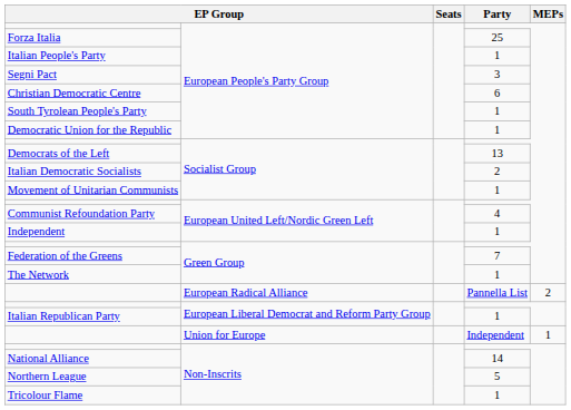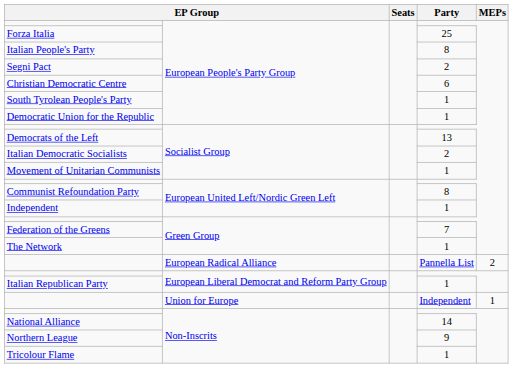 <table class="wikitable">
 <tr>
 <th colspan=2>EP Group</th>
 <th>Seats</th>
 <th>Party</th>
 <th>MEPs</th>
 </tr>
 <tr>
 <td></td>
 <td rowspan="7"><a href='#'>European People's Party Group</a></td>
 <td rowspan="7"></td>
 </tr>
 <tr>
 <td><a href='#'>Forza Italia</a></td>
 <td align=center>25</td>
 </tr>
 <tr>
 <td><a href='#'>Italian People's Party</a></td>
-<td align=center>1</td>
+<td align=center>8</td>
 </tr>
 <tr>
 <td><a href='#'>Segni Pact</a></td>
-<td align=center>3</td>
+<td align=center>2</td>
 </tr>
 <tr>
 <td><a href='#'>Christian Democratic Centre</a></td>
 <td align=center>6</td>
 </tr>
 <tr>
 <td><a href='#'>South Tyrolean People's Party</a></td>
 <td align=center>1</td>
 </tr>
 <tr>
 <td><a href='#'>Democratic Union for the Republic</a></td>
 <td align=center>1</td>
 </tr>
 <tr>
 <td></td>
 <td rowspan="4"><a href='#'>Socialist Group</a></td>
 <td rowspan="4"></td>
 </tr>
 <tr>
 <td><a href='#'>Democrats of the Left</a></td>
 <td align=center>13</td>
 </tr>
 <tr>
 <td><a href='#'>Italian Democratic Socialists</a></td>
 <td align=center>2</td>
 </tr>
 <tr>
 <td><a href='#'>Movement of Unitarian Communists</a></td>
 <td align=center>1</td>
 </tr>
 <tr>
 <td></td>
 <td rowspan="3"><a href='#'>European United Left/Nordic Green Left</a></td>
 <td rowspan="3"></td>
 </tr>
 <tr>
 <td><a href='#'>Communist Refoundation Party</a></td>
-<td align=center>4</td>
+<td align=center>8</td>
 </tr>
 <tr>
 <td><a href='#'>Independent</a></td>
 <td align=center>1</td>
 </tr>
 <tr>
 <td></td>
 <td rowspan="3"><a href='#'>Green Group</a></td>
 <td rowspan="3"></td>
 </tr>
 <tr>
 <td><a href='#'>Federation of the Greens</a></td>
 <td align=center>7</td>
 </tr>
 <tr>
 <td><a href='#'>The Network</a></td>
 <td align=center>1</td>
 </tr>
 <tr>
 <td></td>
 <td><a href='#'>European Radical Alliance</a></td>
 <td></td>
 <td><a href='#'>Pannella List</a></td>
 <td align=center>2</td>
 </tr>
 <tr>
 <td></td>
 <td rowspan="2"><a href='#'>European Liberal Democrat and Reform Party Group</a></td>
 <td rowspan="2"></td>
 </tr>
 <tr>
 <td><a href='#'>Italian Republican Party</a></td>
 <td align=center>1</td>
 </tr>
 <tr>
 <td></td>
 <td><a href='#'>Union for Europe</a></td>
 <td></td>
 <td><a href='#'>Independent</a></td>
 <td align=center>1</td>
 </tr>
 <tr>
 <td></td>
 <td rowspan="4"><a href='#'>Non-Inscrits</a></td>
 <td rowspan="4"></td>
 </tr>
 <tr>
 <td><a href='#'>National Alliance</a></td>
 <td align=center>14</td>
 </tr>
 <tr>
 <td><a href='#'>Northern League</a></td>
-<td align=center>5</td>
+<td align=center>9</td>
 </tr>
 <tr>
 <td><a href='#'>Tricolour Flame</a></td>
 <td align=center>1</td>
 </tr>
 </table>
